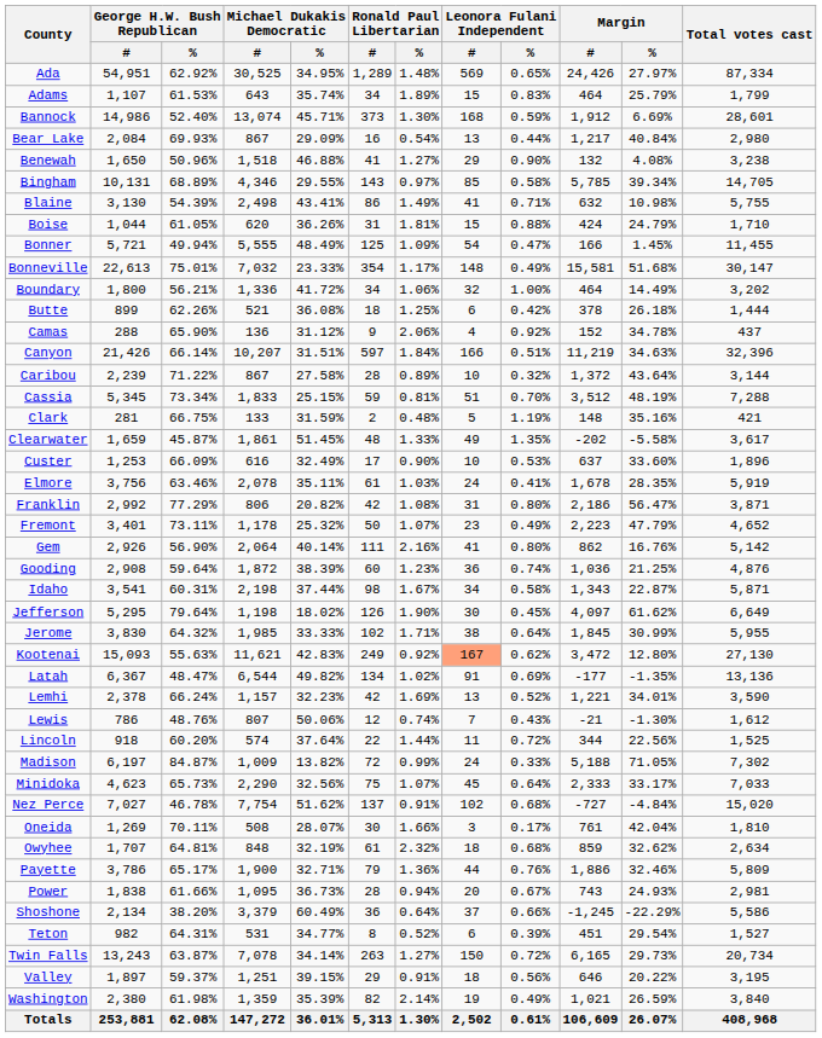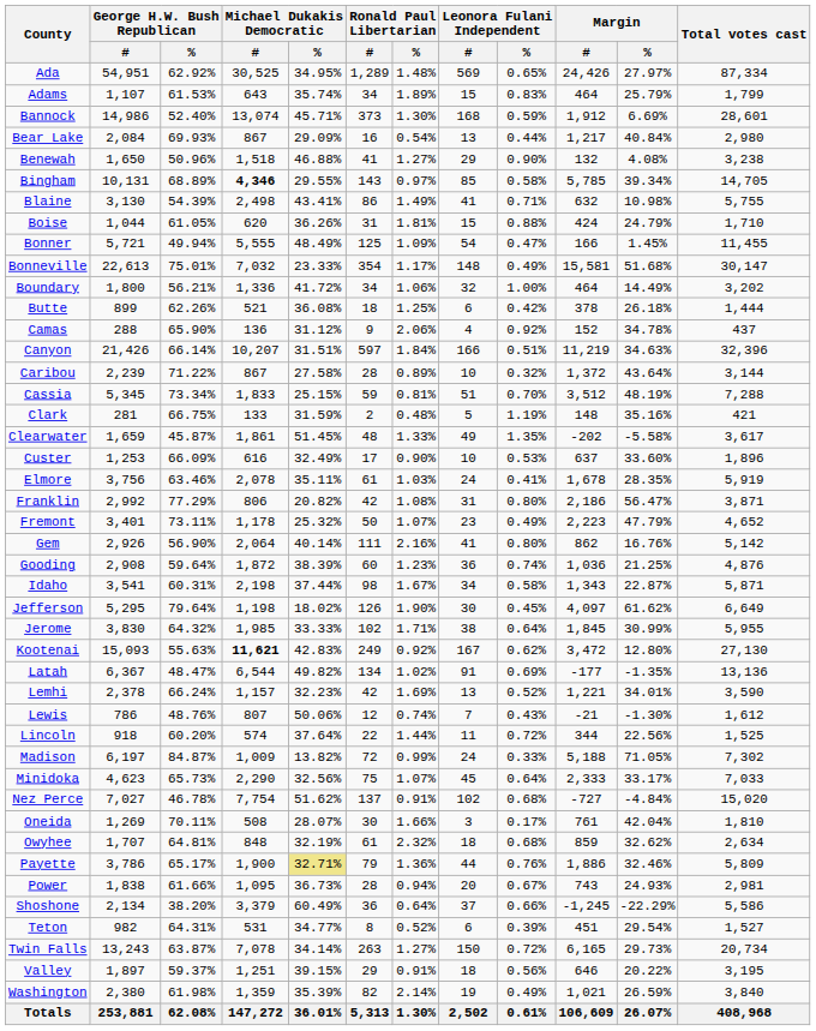 <table class="wikitable sortable" style="text-align:center">
 <tr>
 <th style="text-align:center;" rowspan="2">County</th>
 <th style="text-align:center;" colspan="2">George H.W. Bush<br>Republican</th>
 <th style="text-align:center;" colspan="2">Michael Dukakis<br>Democratic</th>
 <th style="text-align:center;" colspan="2">Ronald Paul<br>Libertarian</th>
 <th style="text-align:center;" colspan="2">Leonora Fulani<br>Independent</th>
 <th style="text-align:center;" colspan="2">Margin</th>
 <th style="text-align:center;" rowspan="2">Total votes cast</th>
 </tr>
 <tr>
 <th style="text-align:center;" data-sort-type="number">#</th>
 <th style="text-align:center;" data-sort-type="number">%</th>
 <th style="text-align:center;" data-sort-type="number">#</th>
 <th style="text-align:center;" data-sort-type="number">%</th>
 <th style="text-align:center;" data-sort-type="number">#</th>
 <th style="text-align:center;" data-sort-type="number">%</th>
 <th style="text-align:center;" data-sort-type="number">#</th>
 <th style="text-align:center;" data-sort-type="number">%</th>
 <th style="text-align:center;" data-sort-type="number">#</th>
 <th style="text-align:center;" data-sort-type="number">%</th>
 </tr>
 <tr style="text-align:center;">
 <td><a href='#'>Ada</a></td>
 <td>54,951</td>
 <td>62.92%</td>
 <td>30,525</td>
 <td>34.95%</td>
 <td>1,289</td>
 <td>1.48%</td>
 <td>569</td>
 <td>0.65%</td>
 <td>24,426</td>
 <td>27.97%</td>
 <td>87,334</td>
 </tr>
 <tr style="text-align:center;">
 <td><a href='#'>Adams</a></td>
 <td>1,107</td>
 <td>61.53%</td>
 <td>643</td>
 <td>35.74%</td>
 <td>34</td>
 <td>1.89%</td>
 <td>15</td>
 <td>0.83%</td>
 <td>464</td>
 <td>25.79%</td>
 <td>1,799</td>
 </tr>
 <tr style="text-align:center;">
 <td><a href='#'>Bannock</a></td>
 <td>14,986</td>
 <td>52.40%</td>
 <td>13,074</td>
 <td>45.71%</td>
 <td>373</td>
 <td>1.30%</td>
 <td>168</td>
 <td>0.59%</td>
 <td>1,912</td>
 <td>6.69%</td>
 <td>28,601</td>
 </tr>
 <tr style="text-align:center;">
 <td><a href='#'>Bear Lake</a></td>
 <td>2,084</td>
 <td>69.93%</td>
 <td>867</td>
 <td>29.09%</td>
 <td>16</td>
 <td>0.54%</td>
 <td>13</td>
 <td>0.44%</td>
 <td>1,217</td>
 <td>40.84%</td>
 <td>2,980</td>
 </tr>
 <tr style="text-align:center;">
 <td><a href='#'>Benewah</a></td>
 <td>1,650</td>
 <td>50.96%</td>
 <td>1,518</td>
 <td>46.88%</td>
 <td>41</td>
 <td>1.27%</td>
 <td>29</td>
 <td>0.90%</td>
 <td>132</td>
 <td>4.08%</td>
 <td>3,238</td>
 </tr>
 <tr style="text-align:center;">
 <td><a href='#'>Bingham</a></td>
 <td>10,131</td>
 <td>68.89%</td>
-<td>4,346</td>
+<td><strong>4,346</strong></td>
 <td>29.55%</td>
 <td>143</td>
 <td>0.97%</td>
 <td>85</td>
 <td>0.58%</td>
 <td>5,785</td>
 <td>39.34%</td>
 <td>14,705</td>
 </tr>
 <tr style="text-align:center;">
 <td><a href='#'>Blaine</a></td>
 <td>3,130</td>
 <td>54.39%</td>
 <td>2,498</td>
 <td>43.41%</td>
 <td>86</td>
 <td>1.49%</td>
 <td>41</td>
 <td>0.71%</td>
 <td>632</td>
 <td>10.98%</td>
 <td>5,755</td>
 </tr>
 <tr style="text-align:center;">
 <td><a href='#'>Boise</a></td>
 <td>1,044</td>
 <td>61.05%</td>
 <td>620</td>
 <td>36.26%</td>
 <td>31</td>
 <td>1.81%</td>
 <td>15</td>
 <td>0.88%</td>
 <td>424</td>
 <td>24.79%</td>
 <td>1,710</td>
 </tr>
 <tr style="text-align:center;">
 <td><a href='#'>Bonner</a></td>
 <td>5,721</td>
 <td>49.94%</td>
 <td>5,555</td>
 <td>48.49%</td>
 <td>125</td>
 <td>1.09%</td>
 <td>54</td>
 <td>0.47%</td>
 <td>166</td>
 <td>1.45%</td>
 <td>11,455</td>
 </tr>
 <tr style="text-align:center;">
 <td><a href='#'>Bonneville</a></td>
 <td>22,613</td>
 <td>75.01%</td>
 <td>7,032</td>
 <td>23.33%</td>
 <td>354</td>
 <td>1.17%</td>
 <td>148</td>
 <td>0.49%</td>
 <td>15,581</td>
 <td>51.68%</td>
 <td>30,147</td>
 </tr>
 <tr style="text-align:center;">
 <td><a href='#'>Boundary</a></td>
 <td>1,800</td>
 <td>56.21%</td>
 <td>1,336</td>
 <td>41.72%</td>
 <td>34</td>
 <td>1.06%</td>
 <td>32</td>
 <td>1.00%</td>
 <td>464</td>
 <td>14.49%</td>
 <td>3,202</td>
 </tr>
 <tr style="text-align:center;">
 <td><a href='#'>Butte</a></td>
 <td>899</td>
 <td>62.26%</td>
 <td>521</td>
 <td>36.08%</td>
 <td>18</td>
 <td>1.25%</td>
 <td>6</td>
 <td>0.42%</td>
 <td>378</td>
 <td>26.18%</td>
 <td>1,444</td>
 </tr>
 <tr style="text-align:center;">
 <td><a href='#'>Camas</a></td>
 <td>288</td>
 <td>65.90%</td>
 <td>136</td>
 <td>31.12%</td>
 <td>9</td>
 <td>2.06%</td>
 <td>4</td>
 <td>0.92%</td>
 <td>152</td>
 <td>34.78%</td>
 <td>437</td>
 </tr>
 <tr style="text-align:center;">
 <td><a href='#'>Canyon</a></td>
 <td>21,426</td>
 <td>66.14%</td>
 <td>10,207</td>
 <td>31.51%</td>
 <td>597</td>
 <td>1.84%</td>
 <td>166</td>
 <td>0.51%</td>
 <td>11,219</td>
 <td>34.63%</td>
 <td>32,396</td>
 </tr>
 <tr style="text-align:center;">
 <td><a href='#'>Caribou</a></td>
 <td>2,239</td>
 <td>71.22%</td>
 <td>867</td>
 <td>27.58%</td>
 <td>28</td>
 <td>0.89%</td>
 <td>10</td>
 <td>0.32%</td>
 <td>1,372</td>
 <td>43.64%</td>
 <td>3,144</td>
 </tr>
 <tr style="text-align:center;">
 <td><a href='#'>Cassia</a></td>
 <td>5,345</td>
 <td>73.34%</td>
 <td>1,833</td>
 <td>25.15%</td>
 <td>59</td>
 <td>0.81%</td>
 <td>51</td>
 <td>0.70%</td>
 <td>3,512</td>
 <td>48.19%</td>
 <td>7,288</td>
 </tr>
 <tr style="text-align:center;">
 <td><a href='#'>Clark</a></td>
 <td>281</td>
 <td>66.75%</td>
 <td>133</td>
 <td>31.59%</td>
 <td>2</td>
 <td>0.48%</td>
 <td>5</td>
 <td>1.19%</td>
 <td>148</td>
 <td>35.16%</td>
 <td>421</td>
 </tr>
 <tr style="text-align:center;">
 <td><a href='#'>Clearwater</a></td>
 <td>1,659</td>
 <td>45.87%</td>
 <td>1,861</td>
 <td>51.45%</td>
 <td>48</td>
 <td>1.33%</td>
 <td>49</td>
 <td>1.35%</td>
 <td>-202</td>
 <td>-5.58%</td>
 <td>3,617</td>
 </tr>
 <tr style="text-align:center;">
 <td><a href='#'>Custer</a></td>
 <td>1,253</td>
 <td>66.09%</td>
 <td>616</td>
 <td>32.49%</td>
 <td>17</td>
 <td>0.90%</td>
 <td>10</td>
 <td>0.53%</td>
 <td>637</td>
 <td>33.60%</td>
 <td>1,896</td>
 </tr>
 <tr style="text-align:center;">
 <td><a href='#'>Elmore</a></td>
 <td>3,756</td>
 <td>63.46%</td>
 <td>2,078</td>
 <td>35.11%</td>
 <td>61</td>
 <td>1.03%</td>
 <td>24</td>
 <td>0.41%</td>
 <td>1,678</td>
 <td>28.35%</td>
 <td>5,919</td>
 </tr>
 <tr style="text-align:center;">
 <td><a href='#'>Franklin</a></td>
 <td>2,992</td>
 <td>77.29%</td>
 <td>806</td>
 <td>20.82%</td>
 <td>42</td>
 <td>1.08%</td>
 <td>31</td>
 <td>0.80%</td>
 <td>2,186</td>
 <td>56.47%</td>
 <td>3,871</td>
 </tr>
 <tr style="text-align:center;">
 <td><a href='#'>Fremont</a></td>
 <td>3,401</td>
 <td>73.11%</td>
 <td>1,178</td>
 <td>25.32%</td>
 <td>50</td>
 <td>1.07%</td>
 <td>23</td>
 <td>0.49%</td>
 <td>2,223</td>
 <td>47.79%</td>
 <td>4,652</td>
 </tr>
 <tr style="text-align:center;">
 <td><a href='#'>Gem</a></td>
 <td>2,926</td>
 <td>56.90%</td>
 <td>2,064</td>
 <td>40.14%</td>
 <td>111</td>
 <td>2.16%</td>
 <td>41</td>
 <td>0.80%</td>
 <td>862</td>
 <td>16.76%</td>
 <td>5,142</td>
 </tr>
 <tr style="text-align:center;">
 <td><a href='#'>Gooding</a></td>
 <td>2,908</td>
 <td>59.64%</td>
 <td>1,872</td>
 <td>38.39%</td>
 <td>60</td>
 <td>1.23%</td>
 <td>36</td>
 <td>0.74%</td>
 <td>1,036</td>
 <td>21.25%</td>
 <td>4,876</td>
 </tr>
 <tr style="text-align:center;">
 <td><a href='#'>Idaho</a></td>
 <td>3,541</td>
 <td>60.31%</td>
 <td>2,198</td>
 <td>37.44%</td>
 <td>98</td>
 <td>1.67%</td>
 <td>34</td>
 <td>0.58%</td>
 <td>1,343</td>
 <td>22.87%</td>
 <td>5,871</td>
 </tr>
 <tr style="text-align:center;">
 <td><a href='#'>Jefferson</a></td>
 <td>5,295</td>
 <td>79.64%</td>
 <td>1,198</td>
 <td>18.02%</td>
 <td>126</td>
 <td>1.90%</td>
 <td>30</td>
 <td>0.45%</td>
 <td>4,097</td>
 <td>61.62%</td>
 <td>6,649</td>
 </tr>
 <tr style="text-align:center;">
 <td><a href='#'>Jerome</a></td>
 <td>3,830</td>
 <td>64.32%</td>
 <td>1,985</td>
 <td>33.33%</td>
 <td>102</td>
 <td>1.71%</td>
 <td>38</td>
 <td>0.64%</td>
 <td>1,845</td>
 <td>30.99%</td>
 <td>5,955</td>
 </tr>
 <tr style="text-align:center;">
 <td><a href='#'>Kootenai</a></td>
 <td>15,093</td>
 <td>55.63%</td>
-<td>11,621</td>
+<td><strong>11,621</strong></td>
 <td>42.83%</td>
 <td>249</td>
 <td>0.92%</td>
-<td style="background: lightsalmon;">167</td>
+<td>167</td>
 <td>0.62%</td>
 <td>3,472</td>
 <td>12.80%</td>
 <td>27,130</td>
 </tr>
 <tr style="text-align:center;">
 <td><a href='#'>Latah</a></td>
 <td>6,367</td>
 <td>48.47%</td>
 <td>6,544</td>
 <td>49.82%</td>
 <td>134</td>
 <td>1.02%</td>
 <td>91</td>
 <td>0.69%</td>
 <td>-177</td>
 <td>-1.35%</td>
 <td>13,136</td>
 </tr>
 <tr style="text-align:center;">
 <td><a href='#'>Lemhi</a></td>
 <td>2,378</td>
 <td>66.24%</td>
 <td>1,157</td>
 <td>32.23%</td>
 <td>42</td>
 <td>1.69%</td>
 <td>13</td>
 <td>0.52%</td>
 <td>1,221</td>
 <td>34.01%</td>
 <td>3,590</td>
 </tr>
 <tr style="text-align:center;">
 <td><a href='#'>Lewis</a></td>
 <td>786</td>
 <td>48.76%</td>
 <td>807</td>
 <td>50.06%</td>
 <td>12</td>
 <td>0.74%</td>
 <td>7</td>
 <td>0.43%</td>
 <td>-21</td>
 <td>-1.30%</td>
 <td>1,612</td>
 </tr>
 <tr style="text-align:center;">
 <td><a href='#'>Lincoln</a></td>
 <td>918</td>
 <td>60.20%</td>
 <td>574</td>
 <td>37.64%</td>
 <td>22</td>
 <td>1.44%</td>
 <td>11</td>
 <td>0.72%</td>
 <td>344</td>
 <td>22.56%</td>
 <td>1,525</td>
 </tr>
 <tr style="text-align:center;">
 <td><a href='#'>Madison</a></td>
 <td>6,197</td>
 <td>84.87%</td>
 <td>1,009</td>
 <td>13.82%</td>
 <td>72</td>
 <td>0.99%</td>
 <td>24</td>
 <td>0.33%</td>
 <td>5,188</td>
 <td>71.05%</td>
 <td>7,302</td>
 </tr>
 <tr style="text-align:center;">
 <td><a href='#'>Minidoka</a></td>
 <td>4,623</td>
 <td>65.73%</td>
 <td>2,290</td>
 <td>32.56%</td>
 <td>75</td>
 <td>1.07%</td>
 <td>45</td>
 <td>0.64%</td>
 <td>2,333</td>
 <td>33.17%</td>
 <td>7,033</td>
 </tr>
 <tr style="text-align:center;">
 <td><a href='#'>Nez Perce</a></td>
 <td>7,027</td>
 <td>46.78%</td>
 <td>7,754</td>
 <td>51.62%</td>
 <td>137</td>
 <td>0.91%</td>
 <td>102</td>
 <td>0.68%</td>
 <td>-727</td>
 <td>-4.84%</td>
 <td>15,020</td>
 </tr>
 <tr style="text-align:center;">
 <td><a href='#'>Oneida</a></td>
 <td>1,269</td>
 <td>70.11%</td>
 <td>508</td>
 <td>28.07%</td>
 <td>30</td>
 <td>1.66%</td>
 <td>3</td>
 <td>0.17%</td>
 <td>761</td>
 <td>42.04%</td>
 <td>1,810</td>
 </tr>
 <tr style="text-align:center;">
 <td><a href='#'>Owyhee</a></td>
 <td>1,707</td>
 <td>64.81%</td>
 <td>848</td>
 <td>32.19%</td>
 <td>61</td>
 <td>2.32%</td>
 <td>18</td>
 <td>0.68%</td>
 <td>859</td>
 <td>32.62%</td>
 <td>2,634</td>
 </tr>
 <tr style="text-align:center;">
 <td><a href='#'>Payette</a></td>
 <td>3,786</td>
 <td>65.17%</td>
 <td>1,900</td>
-<td>32.71%</td>
+<td style="background: khaki;">32.71%</td>
 <td>79</td>
 <td>1.36%</td>
 <td>44</td>
 <td>0.76%</td>
 <td>1,886</td>
 <td>32.46%</td>
 <td>5,809</td>
 </tr>
 <tr style="text-align:center;">
 <td><a href='#'>Power</a></td>
 <td>1,838</td>
 <td>61.66%</td>
 <td>1,095</td>
 <td>36.73%</td>
 <td>28</td>
 <td>0.94%</td>
 <td>20</td>
 <td>0.67%</td>
 <td>743</td>
 <td>24.93%</td>
 <td>2,981</td>
 </tr>
 <tr style="text-align:center;">
 <td><a href='#'>Shoshone</a></td>
 <td>2,134</td>
 <td>38.20%</td>
 <td>3,379</td>
 <td>60.49%</td>
 <td>36</td>
 <td>0.64%</td>
 <td>37</td>
 <td>0.66%</td>
 <td>-1,245</td>
 <td>-22.29%</td>
 <td>5,586</td>
 </tr>
 <tr style="text-align:center;">
 <td><a href='#'>Teton</a></td>
 <td>982</td>
 <td>64.31%</td>
 <td>531</td>
 <td>34.77%</td>
 <td>8</td>
 <td>0.52%</td>
 <td>6</td>
 <td>0.39%</td>
 <td>451</td>
 <td>29.54%</td>
 <td>1,527</td>
 </tr>
 <tr style="text-align:center;">
 <td><a href='#'>Twin Falls</a></td>
 <td>13,243</td>
 <td>63.87%</td>
 <td>7,078</td>
 <td>34.14%</td>
 <td>263</td>
 <td>1.27%</td>
 <td>150</td>
 <td>0.72%</td>
 <td>6,165</td>
 <td>29.73%</td>
 <td>20,734</td>
 </tr>
 <tr style="text-align:center;">
 <td><a href='#'>Valley</a></td>
 <td>1,897</td>
 <td>59.37%</td>
 <td>1,251</td>
 <td>39.15%</td>
 <td>29</td>
 <td>0.91%</td>
 <td>18</td>
 <td>0.56%</td>
 <td>646</td>
 <td>20.22%</td>
 <td>3,195</td>
 </tr>
 <tr style="text-align:center;">
 <td><a href='#'>Washington</a></td>
 <td>2,380</td>
 <td>61.98%</td>
 <td>1,359</td>
 <td>35.39%</td>
 <td>82</td>
 <td>2.14%</td>
 <td>19</td>
 <td>0.49%</td>
 <td>1,021</td>
 <td>26.59%</td>
 <td>3,840</td>
 </tr>
 <tr style="text-align:center;">
 <th>Totals</th>
 <th>253,881</th>
 <th>62.08%</th>
 <th>147,272</th>
 <th>36.01%</th>
 <th>5,313</th>
 <th>1.30%</th>
 <th>2,502</th>
 <th>0.61%</th>
 <th>106,609</th>
 <th>26.07%</th>
 <th>408,968</th>
 </tr>
 </table>
